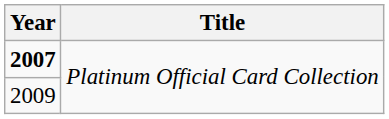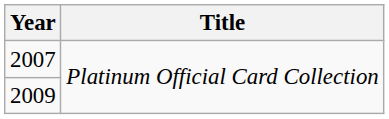 <table class="wikitable">
 <tr>
 <th>Year</th>
 <th>Title</th>
 </tr>
 <tr>
-<td><strong>2007</strong></td>
+<td>2007</td>
 <td rowspan="2"><em>Platinum Official Card Collection</em></td>
 </tr>
 <tr>
 <td>2009</td>
 </tr>
 </table>
